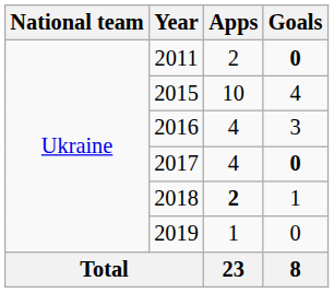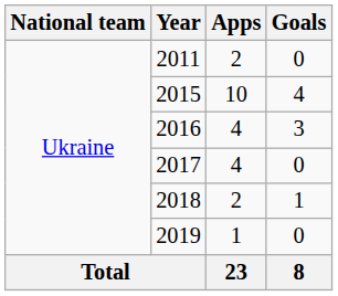 <table class=wikitable style="text-align: center;">
 <tr>
 <th>National team</th>
 <th>Year</th>
 <th>Apps</th>
 <th>Goals</th>
 </tr>
 <tr>
 <td rowspan=6><a href='#'>Ukraine</a></td>
 <td>2011</td>
 <td>2</td>
-<td><strong>0</strong></td>
+<td>0</td>
 </tr>
 <tr>
 <td>2015</td>
 <td>10</td>
 <td>4</td>
 </tr>
 <tr>
 <td>2016</td>
 <td>4</td>
 <td>3</td>
 </tr>
 <tr>
 <td>2017</td>
 <td>4</td>
-<td><strong>0</strong></td>
+<td>0</td>
 </tr>
 <tr>
 <td>2018</td>
-<td><strong>2</strong></td>
+<td>2</td>
 <td>1</td>
 </tr>
 <tr>
 <td>2019</td>
 <td>1</td>
 <td>0</td>
 </tr>
 <tr>
 <th colspan=2>Total</th>
 <th>23</th>
 <th>8</th>
 </tr>
 </table>
